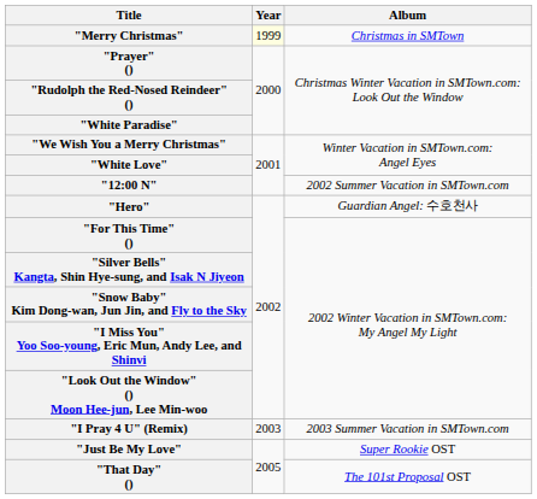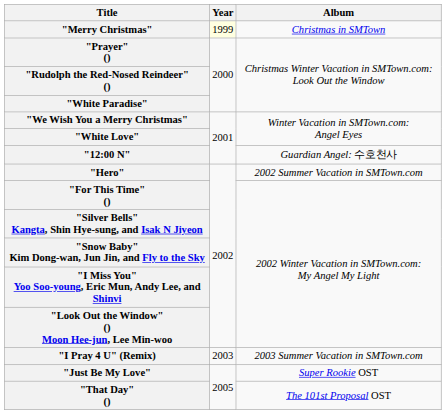 <table class="wikitable plainrowheaders" style="text-align:center;" border="1">
 <tr>
 <th scope="col" style="width:19em;">Title</th>
 <th scope="col">Year</th>
 <th scope="col" style="width:19em;">Album</th>
 </tr>
 <tr>
 <th scope="row">"Merry Christmas"</th>
 <td align="center" style="background: lightyellow;">1999</td>
 <td><em><a href='#'>Christmas in SMTown</a></em></td>
 </tr>
 <tr>
 <th scope="row">"Prayer"<br>()</th>
 <td align="center" rowspan="3">2000</td>
 <td rowspan="3"><em>Christmas Winter Vacation in SMTown.com: Look Out the Window</em></td>
 </tr>
 <tr>
 <th scope="row">"Rudolph the Red-Nosed Reindeer"<br>()</th>
 </tr>
 <tr>
 <th scope="row">"White Paradise"</th>
 </tr>
 <tr>
 <th scope="row">"We Wish You a Merry Christmas"</th>
 <td align="center" rowspan="3">2001</td>
 <td rowspan="2"><em>Winter Vacation in SMTown.com:<br>Angel Eyes</em></td>
 </tr>
 <tr>
 <th scope="row">"White Love"</th>
 </tr>
 <tr>
 <th scope="row">"12:00 N"</th>
-<td><em>2002 Summer Vacation in SMTown.com</em></td>
+<td><em>Guardian Angel:</em> 수호천사</td>
 </tr>
 <tr>
 <th scope="row">"Hero"</th>
 <td align="center" rowspan="6">2002</td>
-<td><em>Guardian Angel:</em> 수호천사</td>
+<td><em>2002 Summer Vacation in SMTown.com</em></td>
 </tr>
 <tr>
 <th scope="row">"For This Time"<br>()</th>
 <td rowspan="5"><br><em>2002 Winter Vacation in SMTown.com:<br>My Angel My Light</em></td>
 </tr>
 <tr>
 <th scope="row">"Silver Bells"<br> <span><a href='#'>Kangta</a>, Shin Hye-sung, and <a href='#'>Isak N Jiyeon</a></span></th>
 </tr>
 <tr>
 <th scope="row">"Snow Baby"<br><span>Kim Dong-wan, Jun Jin, and <a href='#'>Fly to the Sky</a></span></th>
 </tr>
 <tr>
 <th scope="row">"I Miss You"<br><span><a href='#'>Yoo Soo-young</a>, Eric Mun, Andy Lee, and <a href='#'>Shinvi</a></span></th>
 </tr>
 <tr>
 <th scope="row">"Look Out the Window"<br>()<br><span><a href='#'>Moon Hee-jun</a>, Lee Min-woo</span></th>
 </tr>
 <tr>
 <th scope="row">"I Pray 4 U" (Remix)</th>
 <td align="center">2003</td>
 <td><em>2003 Summer Vacation in SMTown.com</em></td>
 </tr>
 <tr>
 <th scope="row">"Just Be My Love"</th>
 <td align="center" rowspan="2">2005</td>
 <td><em><a href='#'>Super Rookie</a></em> OST</td>
 </tr>
 <tr>
 <th scope="row">"That Day"<br>()</th>
 <td><em><a href='#'>The 101st Proposal</a></em> OST</td>
 </tr>
 </table>
